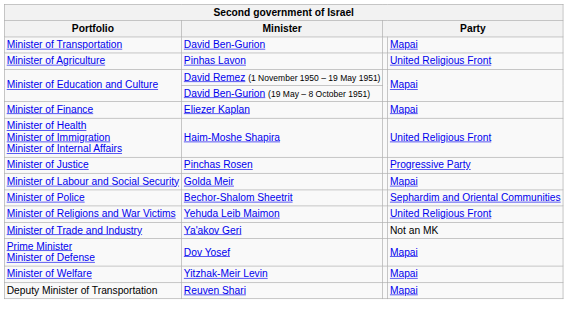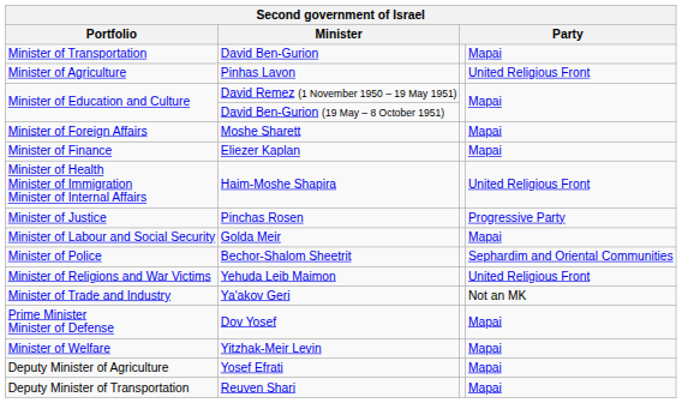 <table class="wikitable sortable" style="text-align:left">
 <tr>
 <th colspan=4>Second government of Israel</th>
 </tr>
 <tr>
 <th>Portfolio</th>
 <th>Minister</th>
 <th colspan=2>Party</th>
 </tr>
 <tr>
 <td><a href='#'>Minister of Transportation</a></td>
 <td><a href='#'>David Ben-Gurion</a></td>
 <td style="background:"></td>
 <td><a href='#'>Mapai</a></td>
 </tr>
 <tr>
 <td><a href='#'>Minister of Agriculture</a></td>
 <td><a href='#'>Pinhas Lavon</a></td>
 <td style="background:"></td>
 <td><a href='#'>United Religious Front</a></td>
 </tr>
 <tr>
 <td rowspan="2"><a href='#'>Minister of Education and Culture</a></td>
 <td><a href='#'>David Remez</a> <small>(1 November 1950 – 19 May 1951)</small></td>
 <td rowspan="2" style="background:"></td>
 <td rowspan="2"><a href='#'>Mapai</a></td>
 </tr>
 <tr>
 <td><a href='#'>David Ben-Gurion</a> <small>(19 May – 8 October 1951)</small></td>
+</tr>
+<tr>
+<td><a href='#'>Minister of Foreign Affairs</a></td>
+<td><a href='#'>Moshe Sharett</a></td>
+<td style="background:"></td>
+<td><a href='#'>Mapai</a></td>
 </tr>
 <tr>
 <td><a href='#'>Minister of Finance</a></td>
 <td><a href='#'>Eliezer Kaplan</a></td>
 <td style="background:"></td>
 <td><a href='#'>Mapai</a></td>
 </tr>
 <tr>
 <td><a href='#'>Minister of Health</a><br><a href='#'>Minister of Immigration</a><br><a href='#'>Minister of Internal Affairs</a></td>
 <td><a href='#'>Haim-Moshe Shapira</a></td>
 <td style="background:"></td>
 <td><a href='#'>United Religious Front</a></td>
 </tr>
 <tr>
 <td><a href='#'>Minister of Justice</a></td>
 <td><a href='#'>Pinchas Rosen</a></td>
 <td style="background:"></td>
 <td><a href='#'>Progressive Party</a></td>
 </tr>
 <tr>
 <td><a href='#'>Minister of Labour and Social Security</a></td>
 <td><a href='#'>Golda Meir</a></td>
 <td style="background:"></td>
 <td><a href='#'>Mapai</a></td>
 </tr>
 <tr>
 <td><a href='#'>Minister of Police</a></td>
 <td><a href='#'>Bechor-Shalom Sheetrit</a></td>
 <td style="background:"></td>
 <td><a href='#'>Sephardim and Oriental Communities</a></td>
 </tr>
 <tr>
 <td><a href='#'>Minister of Religions and War Victims</a></td>
 <td><a href='#'>Yehuda Leib Maimon</a></td>
 <td style="background:"></td>
 <td><a href='#'>United Religious Front</a></td>
 </tr>
 <tr>
 <td><a href='#'>Minister of Trade and Industry</a></td>
 <td><a href='#'>Ya'akov Geri</a></td>
 <td style="background:"></td>
 <td>Not an MK</td>
 </tr>
 <tr>
 <td><a href='#'>Prime Minister</a><br><a href='#'>Minister of Defense</a></td>
 <td><a href='#'>Dov Yosef</a></td>
 <td style="background:"></td>
 <td><a href='#'>Mapai</a></td>
 </tr>
 <tr>
 <td><a href='#'>Minister of Welfare</a></td>
 <td><a href='#'>Yitzhak-Meir Levin</a></td>
 <td style="background:"></td>
 <td><a href='#'>Mapai</a></td>
 </tr>
 <tr>
+<td>Deputy Minister of Agriculture</td>
+<td><a href='#'>Yosef Efrati</a></td>
+<td style="background:"></td>
+<td><a href='#'>Mapai</a></td>
+</tr>
+<tr>
 <td>Deputy Minister of Transportation</td>
 <td><a href='#'>Reuven Shari</a></td>
 <td style="background:"></td>
 <td><a href='#'>Mapai</a></td>
 </tr>
 </table>
